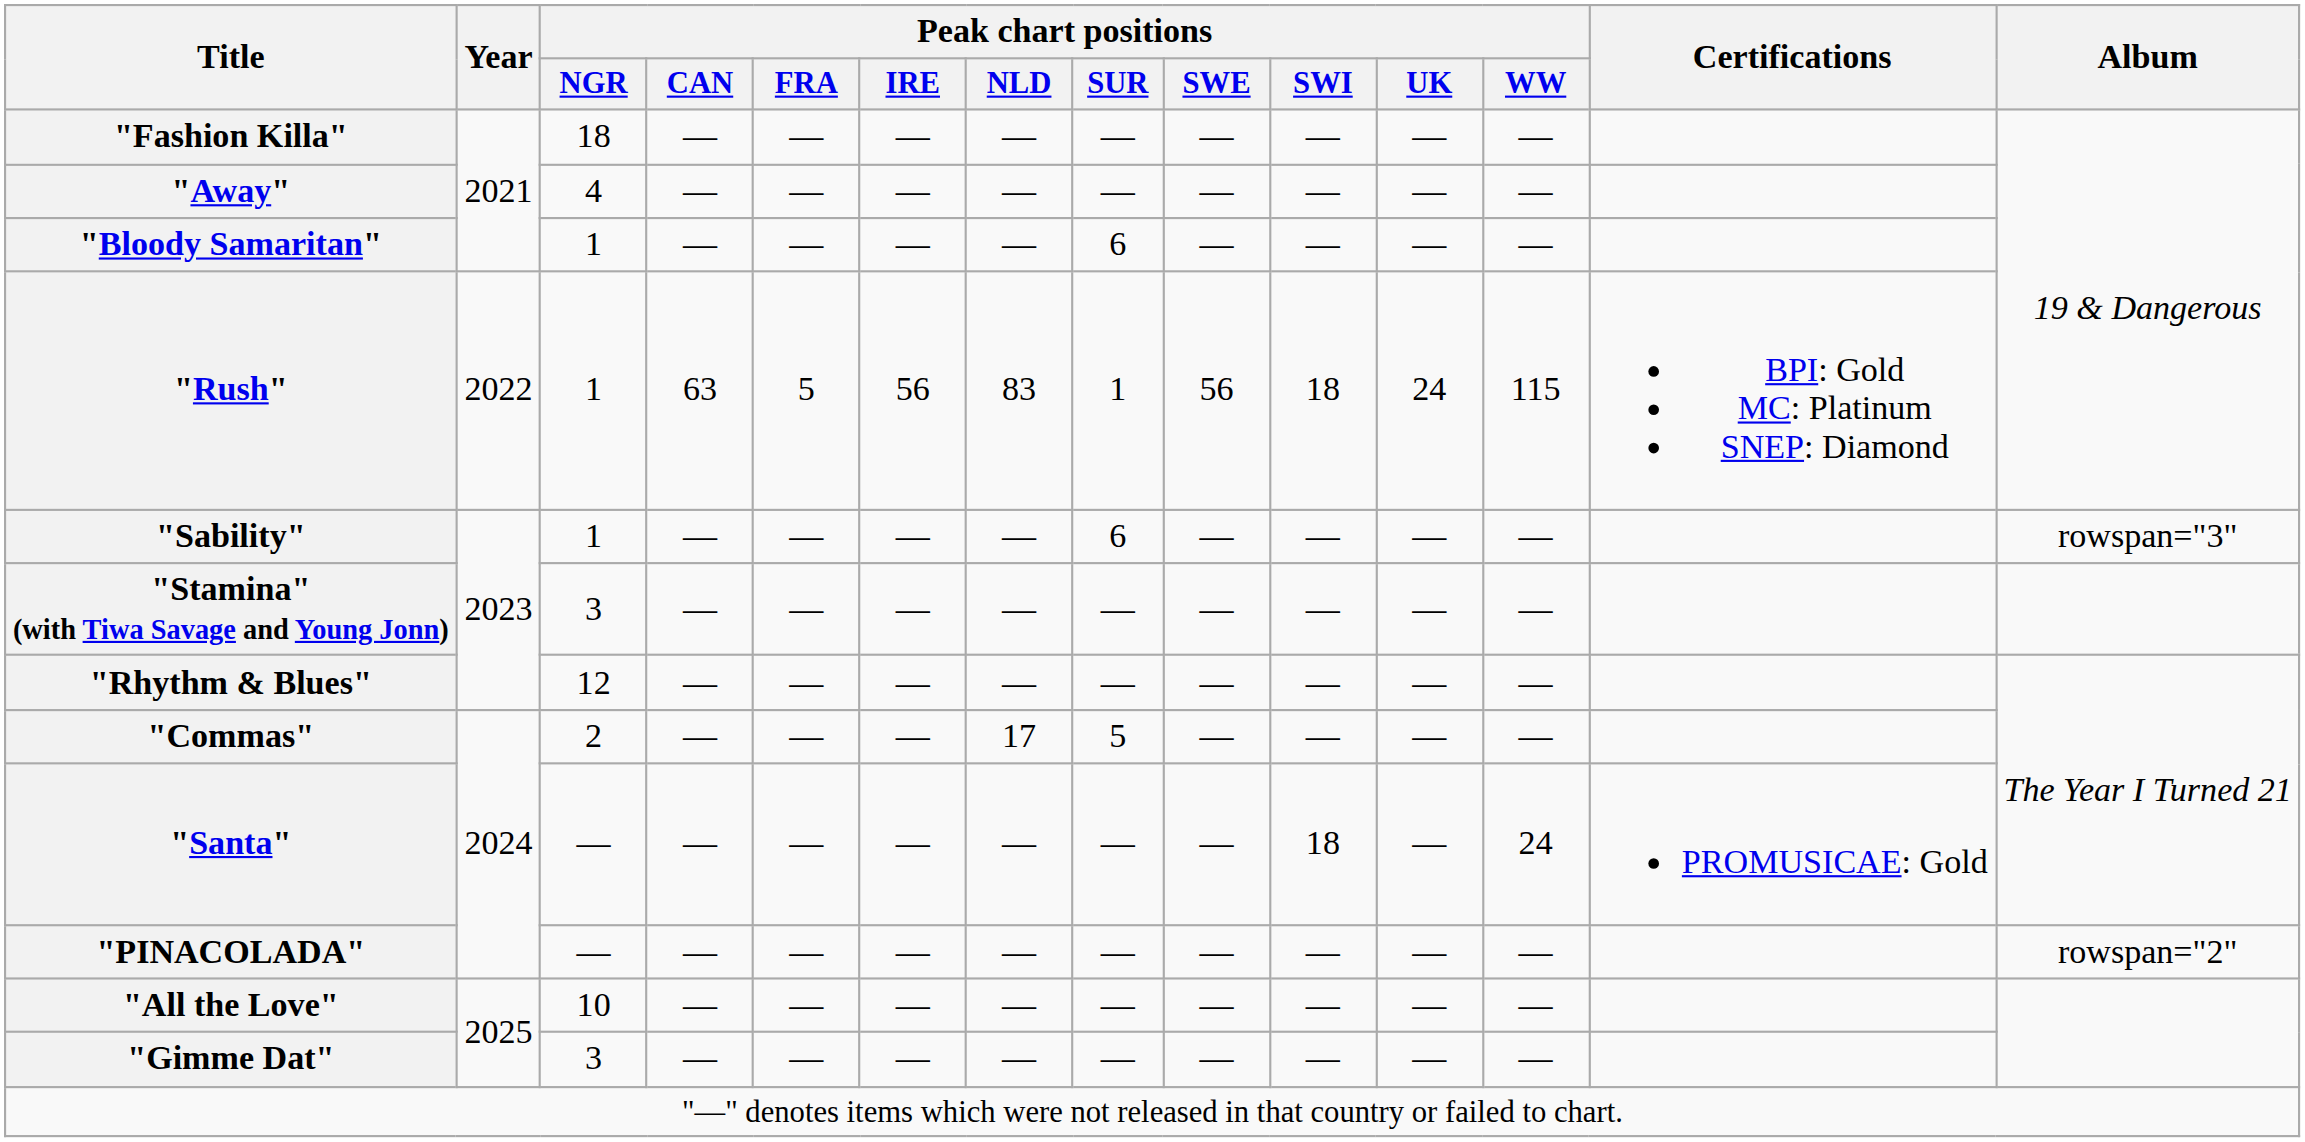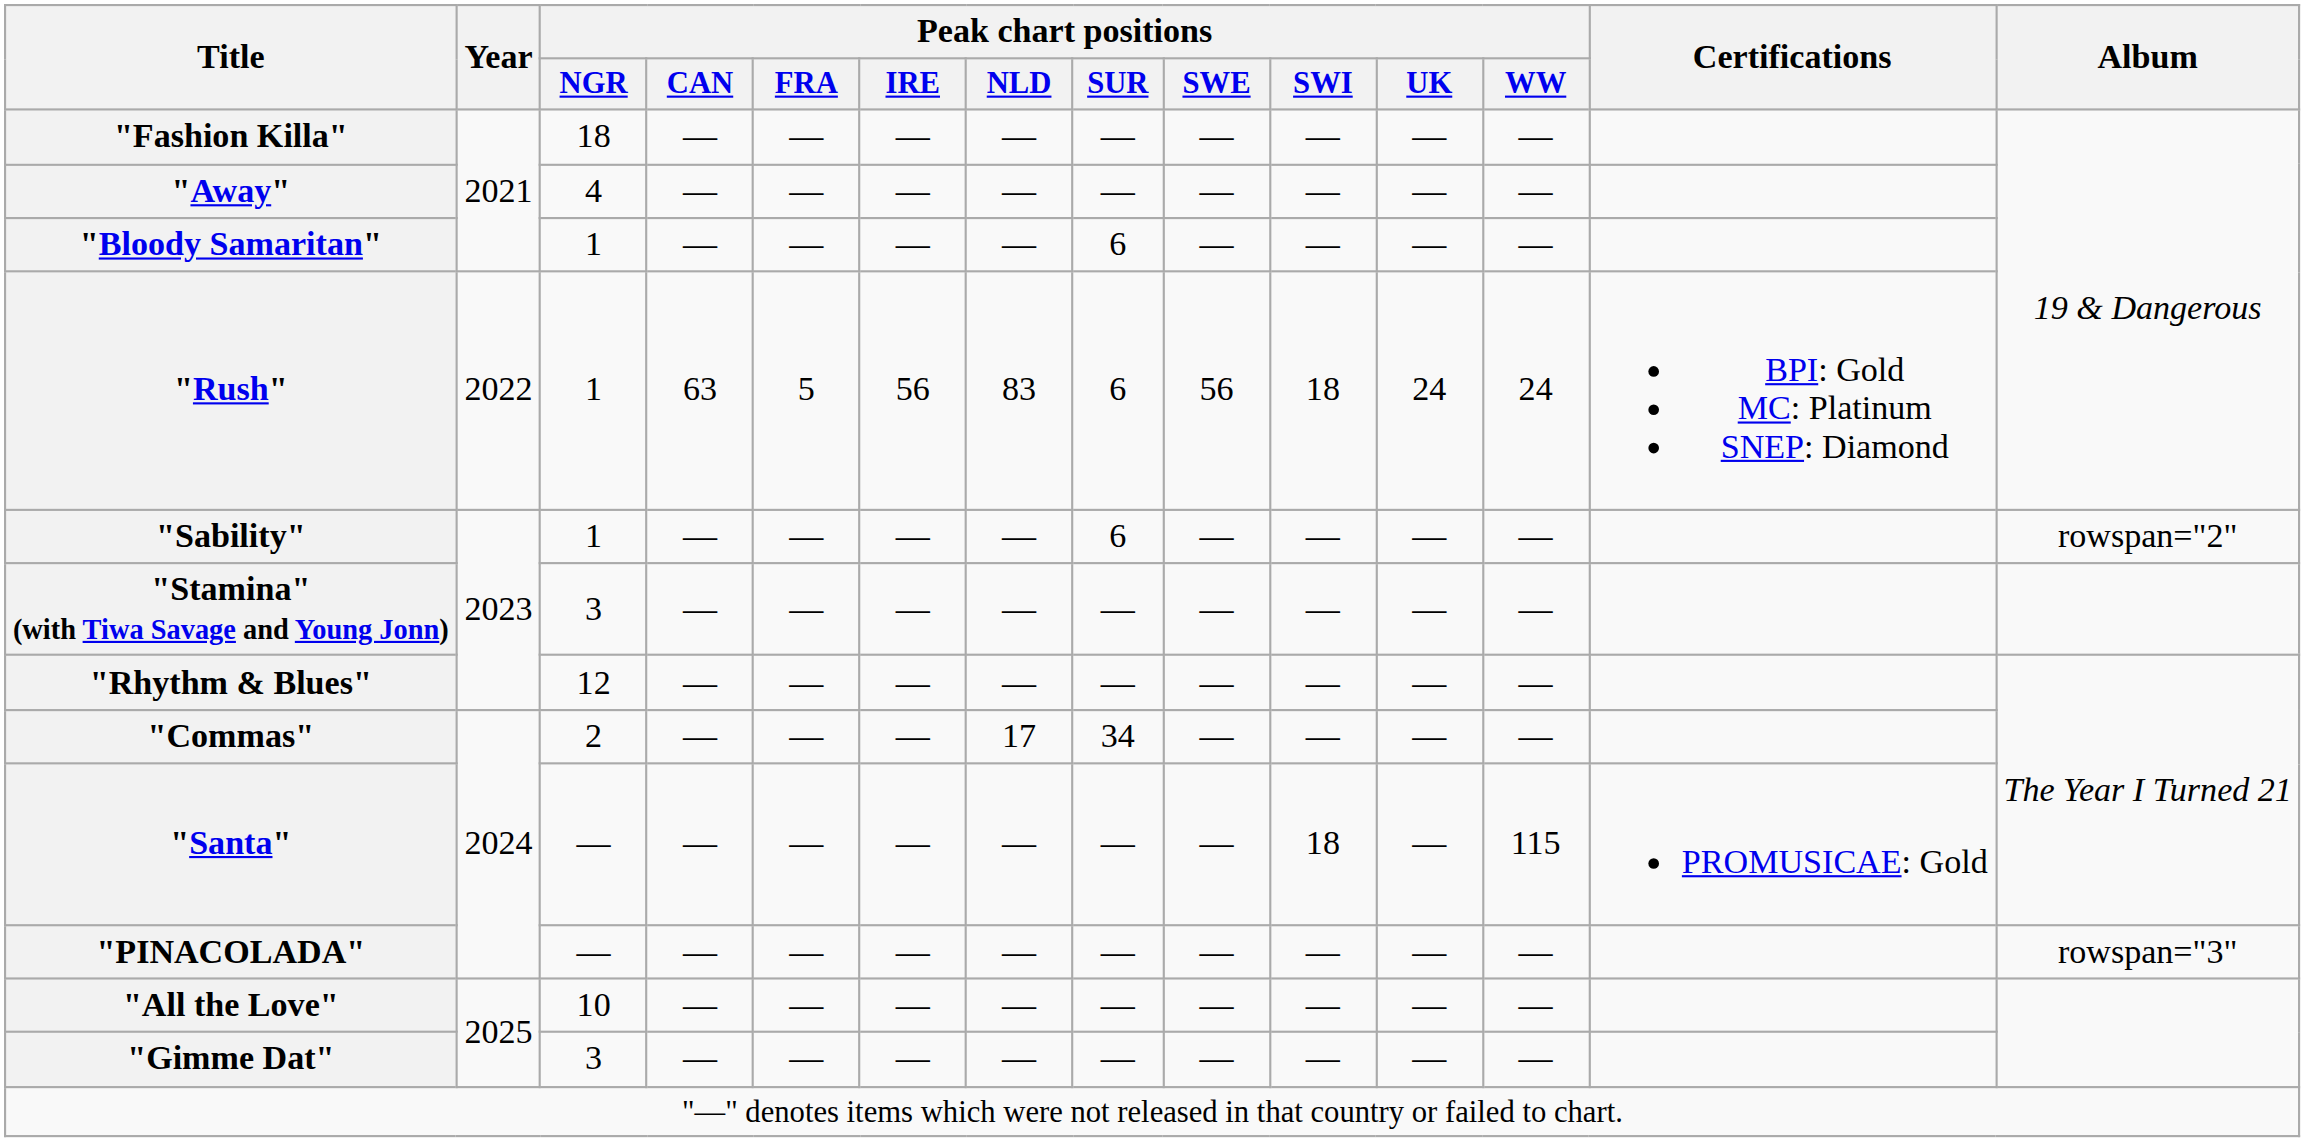 <table class="wikitable plainrowheaders" style="text-align:center;" border="1">
 <tr>
 <th scope="col" rowspan="2">Title</th>
 <th scope="col" rowspan="2">Year</th>
 <th scope="col" colspan="10">Peak chart positions</th>
 <th scope="col" rowspan="2">Certifications</th>
 <th scope="col" rowspan="2">Album</th>
 </tr>
 <tr>
 <th scope="col" style="width:3em;font-size:90%;"><a href='#'>NGR</a><br></th>
 <th scope="col" style="width:3em; font-size:90%"><a href='#'>CAN</a><br></th>
 <th scope="col" style="width:3em; font-size:90%"><a href='#'>FRA</a><br></th>
 <th scope="col" style="width:3em; font-size:90%"><a href='#'>IRE</a><br></th>
 <th scope="col" style="width:3em; font-size:90%"><a href='#'>NLD</a><br></th>
 <th scope="col" style="width:2.5em;font-size:90%;"><a href='#'>SUR</a><br></th>
 <th scope="col" style="width:3em; font-size:90%"><a href='#'>SWE</a><br></th>
 <th scope="col" style="width:3em; font-size:90%"><a href='#'>SWI</a><br></th>
 <th scope="col" style="width:3em; font-size:90%"><a href='#'>UK</a><br></th>
 <th scope="col" style="width:3em; font-size:90%"><a href='#'>WW</a><br></th>
 </tr>
 <tr>
 <th scope="row">"Fashion Killa"</th>
 <td rowspan="3">2021</td>
 <td>18</td>
 <td>—</td>
 <td>—</td>
 <td>—</td>
 <td>—</td>
 <td>—</td>
 <td>—</td>
 <td>—</td>
 <td>—</td>
 <td>—</td>
 <td></td>
 <td rowspan="4"><em>19 & Dangerous</em></td>
 </tr>
 <tr>
 <th scope="row">"<a href='#'>Away</a>"</th>
 <td>4</td>
 <td>—</td>
 <td>—</td>
 <td>—</td>
 <td>—</td>
 <td>—</td>
 <td>—</td>
 <td>—</td>
 <td>—</td>
 <td>—</td>
 <td></td>
 </tr>
 <tr>
 <th scope="row">"<a href='#'>Bloody Samaritan</a>" <br></th>
 <td>1</td>
 <td>—</td>
 <td>—</td>
 <td>—</td>
 <td>—</td>
 <td>6</td>
 <td>—</td>
 <td>—</td>
 <td>—</td>
 <td>—</td>
 <td></td>
 </tr>
 <tr>
 <th scope="row">"<a href='#'>Rush</a>"</th>
 <td>2022</td>
 <td>1</td>
 <td>63</td>
 <td>5</td>
 <td>56</td>
 <td>83</td>
-<td>1</td>
+<td>6</td>
 <td>56</td>
 <td>18</td>
 <td>24</td>
-<td>115</td>
+<td>24</td>
 <td><br><ul><li><a href='#'>BPI</a>: Gold</li><li><a href='#'>MC</a>: Platinum</li><li><a href='#'>SNEP</a>: Diamond</li></ul></td>
 </tr>
 <tr>
 <th scope="row">"Sability"</th>
 <td rowspan="3">2023</td>
 <td>1</td>
 <td>—</td>
 <td>—</td>
 <td>—</td>
 <td>—</td>
 <td>6</td>
 <td>—</td>
 <td>—</td>
 <td>—</td>
 <td>—</td>
 <td></td>
-<td>rowspan="3" </td>
+<td>rowspan="2" </td>
 </tr>
 <tr>
 <th scope="row">"Stamina"<br><small>(with <a href='#'>Tiwa Savage</a> and <a href='#'>Young Jonn</a>)</small></th>
 <td>3</td>
 <td>—</td>
 <td>—</td>
 <td>—</td>
 <td>—</td>
 <td>—</td>
 <td>—</td>
 <td>—</td>
 <td>—</td>
 <td>—</td>
 <td></td>
 </tr>
 <tr>
 <th scope="row">"Rhythm & Blues"</th>
 <td>12</td>
 <td>—</td>
 <td>—</td>
 <td>—</td>
 <td>—</td>
 <td>—</td>
 <td>—</td>
 <td>—</td>
 <td>—</td>
 <td>—</td>
 <td></td>
 <td rowspan="3"><em>The Year I Turned 21</em></td>
 </tr>
 <tr>
 <th scope="row">"Commas"</th>
 <td rowspan="3">2024</td>
 <td>2</td>
 <td>—</td>
 <td>—</td>
 <td>—</td>
 <td>17</td>
-<td>5</td>
+<td>34</td>
 <td>—</td>
 <td>—</td>
 <td>— </td>
 <td>—</td>
 <td></td>
 </tr>
 <tr>
 <th scope="row">"<a href='#'>Santa</a>"<br></th>
 <td>—</td>
 <td>—</td>
 <td>—</td>
 <td>—</td>
 <td>—</td>
 <td>—</td>
 <td>—</td>
 <td>18</td>
 <td>—</td>
-<td>24</td>
+<td>115</td>
 <td><br><ul><li><a href='#'>PROMUSICAE</a>: Gold</li></ul></td>
 </tr>
 <tr>
 <th scope="row">"PINACOLADA"<br></th>
 <td>—</td>
 <td>—</td>
 <td>—</td>
 <td>—</td>
 <td>—</td>
 <td>—</td>
 <td>—</td>
 <td>—</td>
 <td>—</td>
 <td>—</td>
 <td></td>
-<td>rowspan="2" </td>
+<td>rowspan="3" </td>
 </tr>
 <tr>
 <th scope="row">"All the Love"</th>
 <td rowspan="2">2025</td>
 <td>10</td>
 <td>—</td>
 <td>—</td>
 <td>—</td>
 <td>—</td>
 <td>—</td>
 <td>—</td>
 <td>—</td>
 <td>—</td>
 <td>—</td>
 <td></td>
 </tr>
 <tr>
 <th scope="row">"Gimme Dat"<br></th>
 <td>3</td>
 <td>—</td>
 <td>—</td>
 <td>—</td>
 <td>—</td>
 <td>—</td>
 <td>—</td>
 <td>—</td>
 <td>—</td>
 <td>—</td>
 <td></td>
 </tr>
 <tr>
 <td colspan="14" style="font-size:90%;">"—" denotes items which were not released in that country or failed to chart.</td>
 </tr>
 </table>
